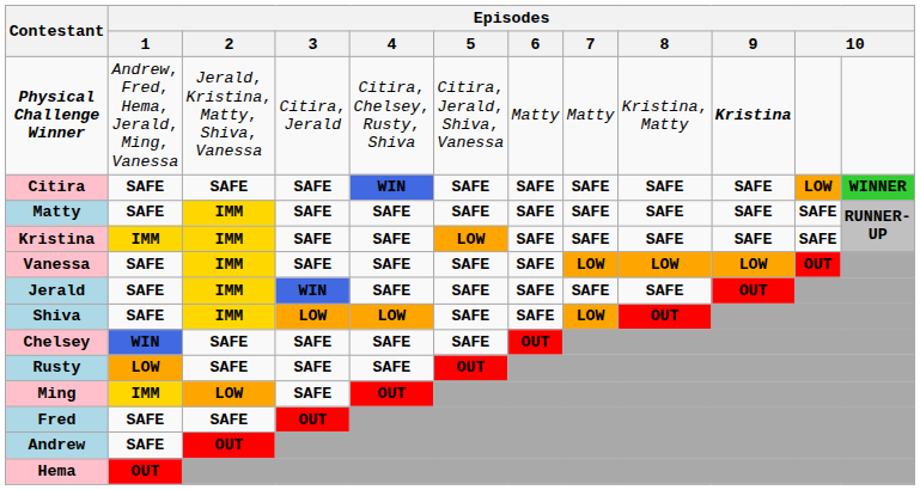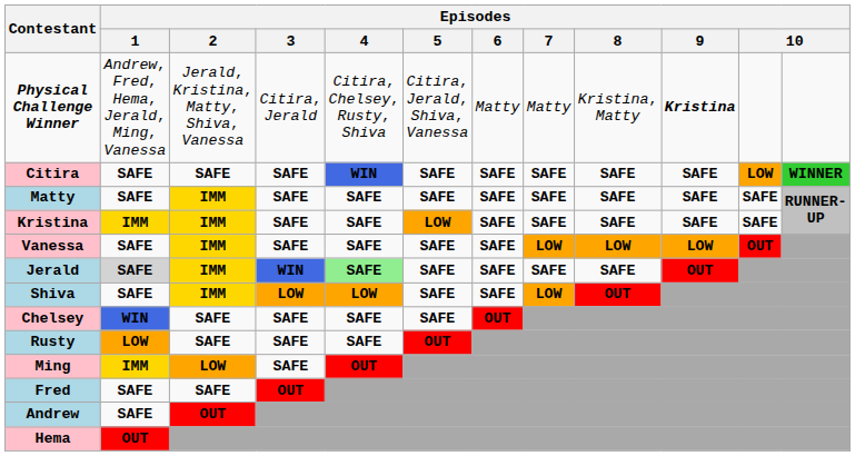 <table class="wikitable" style="text-align:center;">
 <tr>
 <th rowspan=2>Contestant</th>
 <th colspan=11>Episodes</th>
 </tr>
 <tr>
 <th style="width:60px;">1</th>
 <th style="width:60px;">2</th>
 <th style="width:60px;">3</th>
 <th style="width:60px;">4</th>
 <th style="width:60px;">5</th>
 <th style="width:60px;">6</th>
 <th style="width:60px;">7</th>
 <th style="width:60px;">8</th>
 <th style="width:60px;">9</th>
 <th colspan=2 style="width:60px;">10</th>
 </tr>
 <tr>
 <td><strong><em>Physical</em></strong><br><strong><em>Challenge</em></strong><br><strong><em>Winner</em></strong></td>
 <td><em>Andrew</em>, <em>Fred</em>, <em>Hema</em>, <em>Jerald</em>, <em>Ming</em>, <em>Vanessa</em></td>
 <td><em>Jerald</em>, <em>Kristina</em>, <em>Matty</em>, <em>Shiva</em>, <em>Vanessa</em></td>
 <td><em>Citira</em>, <em>Jerald</em></td>
 <td><em>Citira</em>, <em>Chelsey</em>, <em>Rusty</em>, <em>Shiva</em></td>
 <td><em>Citira</em>, <em>Jerald</em>, <em>Shiva</em>, <em>Vanessa</em></td>
 <td><em>Matty</em></td>
 <td><em>Matty</em></td>
 <td><em>Kristina</em>, <em>Matty</em></td>
 <td><strong><em>Kristina</em></strong></td>
 <td></td>
 <td></td>
 </tr>
 <tr>
 <th style="background:pink;">Citira</th>
 <td><strong>SAFE</strong></td>
 <td><strong>SAFE</strong></td>
 <td><strong>SAFE</strong></td>
 <td bgcolor="royalblue"><strong>WIN</strong></td>
 <td><strong>SAFE</strong></td>
 <td><strong>SAFE</strong></td>
 <td><strong>SAFE</strong></td>
 <td><strong>SAFE</strong></td>
 <td><strong>SAFE</strong></td>
 <td bgcolor="orange"><strong>LOW</strong></td>
 <td bgcolor="limegreen"><strong>WINNER</strong></td>
 </tr>
 <tr>
 <th style="background:lightblue;">Matty</th>
 <td><strong>SAFE</strong></td>
 <td bgcolor="gold"><strong>IMM</strong></td>
 <td><strong>SAFE</strong></td>
 <td><strong>SAFE</strong></td>
 <td><strong>SAFE</strong></td>
 <td><strong>SAFE</strong></td>
 <td><strong>SAFE</strong></td>
 <td><strong>SAFE</strong></td>
 <td><strong>SAFE</strong></td>
 <td><strong>SAFE</strong></td>
 <td rowspan=2 bgcolor="silver"><strong>RUNNER-UP</strong></td>
 </tr>
 <tr>
 <th style="background:pink;">Kristina</th>
 <td bgcolor="gold"><strong>IMM</strong></td>
 <td bgcolor="gold"><strong>IMM</strong></td>
 <td><strong>SAFE</strong></td>
 <td><strong>SAFE</strong></td>
 <td bgcolor="orange"><strong>LOW</strong></td>
 <td><strong>SAFE</strong></td>
 <td><strong>SAFE</strong></td>
 <td><strong>SAFE</strong></td>
 <td><strong>SAFE</strong></td>
 <td><strong>SAFE</strong></td>
 </tr>
 <tr>
 <th style="background:pink;">Vanessa</th>
 <td><strong>SAFE</strong></td>
 <td bgcolor="gold"><strong>IMM</strong></td>
 <td><strong>SAFE</strong></td>
 <td><strong>SAFE</strong></td>
 <td><strong>SAFE</strong></td>
 <td><strong>SAFE</strong></td>
 <td bgcolor="orange"><strong>LOW</strong></td>
 <td bgcolor="orange"><strong>LOW</strong></td>
 <td bgcolor="orange"><strong>LOW</strong></td>
 <td bgcolor="red"><strong>OUT</strong></td>
 <td colspan=10 style="background:darkgray;"></td>
 </tr>
 <tr>
 <th style="background:lightblue;">Jerald</th>
-<td><strong>SAFE</strong></td>
+<td style="background: lightgrey;"><strong>SAFE</strong></td>
 <td bgcolor="gold"><strong>IMM</strong></td>
 <td bgcolor="royalblue"><strong>WIN</strong></td>
-<td><strong>SAFE</strong></td>
+<td style="background: lightgreen;"><strong>SAFE</strong></td>
 <td><strong>SAFE</strong></td>
 <td><strong>SAFE</strong></td>
 <td><strong>SAFE</strong></td>
 <td><strong>SAFE</strong></td>
 <td bgcolor="red"><strong>OUT</strong></td>
 <td colspan=10 style="background:darkgray;"></td>
 </tr>
 <tr>
 <th style="background:lightblue;">Shiva</th>
 <td><strong>SAFE</strong></td>
 <td bgcolor="gold"><strong>IMM</strong></td>
 <td bgcolor="orange"><strong>LOW</strong></td>
 <td bgcolor="orange"><strong>LOW</strong></td>
 <td><strong>SAFE</strong></td>
 <td><strong>SAFE</strong></td>
 <td bgcolor="orange"><strong>LOW</strong></td>
 <td bgcolor="red"><strong>OUT</strong></td>
 <td colspan=10 style="background:darkgray;"></td>
 </tr>
 <tr>
 <th style="background:pink;">Chelsey</th>
 <td bgcolor="royalblue"><strong>WIN</strong></td>
 <td><strong>SAFE</strong></td>
 <td><strong>SAFE</strong></td>
 <td><strong>SAFE</strong></td>
 <td><strong>SAFE</strong></td>
 <td bgcolor="red"><strong>OUT</strong></td>
 <td colspan=10 style="background:darkgray;"></td>
 </tr>
 <tr>
 <th style="background:lightblue;">Rusty</th>
 <td bgcolor="orange"><strong>LOW</strong></td>
 <td><strong>SAFE</strong></td>
 <td><strong>SAFE</strong></td>
 <td><strong>SAFE</strong></td>
 <td bgcolor="red"><strong>OUT</strong></td>
 <td colspan=10 style="background:darkgray;"></td>
 </tr>
 <tr>
 <th style="background:pink;">Ming</th>
 <td bgcolor="gold"><strong>IMM</strong></td>
 <td bgcolor="orange"><strong>LOW</strong></td>
 <td><strong>SAFE</strong></td>
 <td bgcolor="red"><strong>OUT</strong></td>
 <td colspan=10 style="background:darkgray;"></td>
 </tr>
 <tr>
 <th style="background:lightblue;">Fred</th>
 <td><strong>SAFE</strong></td>
 <td><strong>SAFE</strong></td>
 <td bgcolor="red"><strong>OUT</strong></td>
 <td colspan=10 style="background:darkgray;"></td>
 </tr>
 <tr>
 <th style="background:lightblue;">Andrew</th>
 <td><strong>SAFE</strong></td>
 <td bgcolor="red"><strong>OUT</strong></td>
 <td colspan=10 style="background:darkgray;"></td>
 </tr>
 <tr>
 <th style="background:pink;">Hema</th>
 <td bgcolor="red"><strong>OUT</strong></td>
 <td colspan=10 style="background:darkgray;"></td>
 </tr>
 </table>
